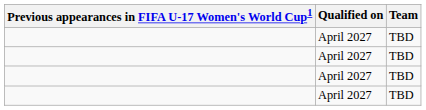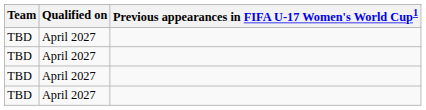 <table class="wikitable sortable">
 <tr>
+<th>Team</th>
+<th>Qualified on</th>
 <th data-sort-type="number">Previous appearances in <a href='#'>FIFA U-17 Women's World Cup</a><sup><strong><a href='#'>1</a></strong></sup></th>
-<th>Qualified on</th>
-<th>Team</th>
 </tr>
 <tr>
+<td>TBD</td>
+<td>April 2027</td>
 <td></td>
-<td>April 2027</td>
-<td>TBD</td>
 </tr>
 <tr>
+<td>TBD</td>
+<td>April 2027</td>
 <td></td>
-<td>April 2027</td>
-<td>TBD</td>
 </tr>
 <tr>
+<td>TBD</td>
+<td>April 2027</td>
 <td></td>
-<td>April 2027</td>
-<td>TBD</td>
 </tr>
 <tr>
+<td>TBD</td>
+<td>April 2027</td>
 <td></td>
-<td>April 2027</td>
-<td>TBD</td>
 </tr>
 </table>
